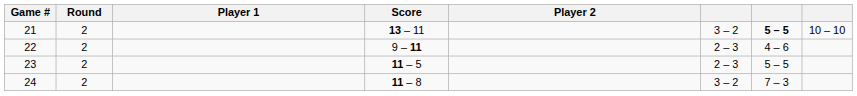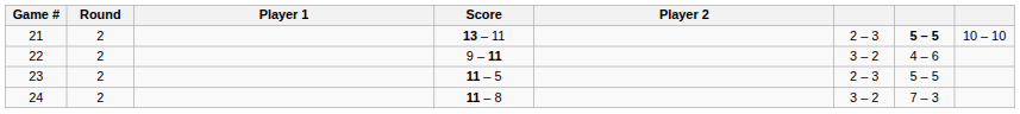 <table class="wikitable">
 <tr>
 <th width="2%">Game #</th>
 <th width="2%">Round</th>
 <th width="15%">Player 1</th>
 <th width="5%">Score</th>
 <th width="15%">Player 2</th>
 <th width="3%"></th>
 <th width="3%"></th>
 <th width="3%"></th>
 </tr>
 <tr style=text-align:center;"background:#;">
 <td>21</td>
 <td>2</td>
 <td><strong></strong></td>
 <td><strong>13</strong> – 11</td>
 <td></td>
-<td>3 – 2</td>
+<td>2 – 3</td>
 <td><strong>5 – 5</strong></td>
 <td>10 – 10</td>
 </tr>
 <tr style=text-align:center;"background:#;">
 <td>22</td>
 <td>2</td>
 <td></td>
 <td>9 – <strong>11</strong></td>
 <td><strong></strong></td>
-<td>2 – 3</td>
+<td>3 – 2</td>
 <td>4 – 6</td>
 <td></td>
 </tr>
 <tr style=text-align:center;"background:#;">
 <td>23</td>
 <td>2</td>
 <td><strong></strong></td>
 <td><strong>11</strong> – 5</td>
 <td></td>
 <td>2 – 3</td>
 <td>5 – 5</td>
 <td></td>
 </tr>
 <tr style=text-align:center;"background:#;">
 <td>24</td>
 <td>2</td>
 <td><strong></strong></td>
 <td><strong>11</strong> – 8</td>
 <td></td>
 <td>3 – 2</td>
 <td>7 – 3</td>
 <td></td>
 </tr>
 </table>
